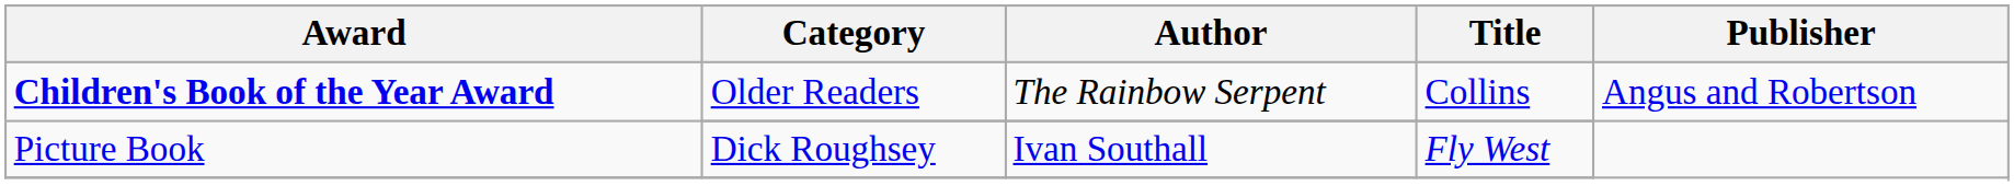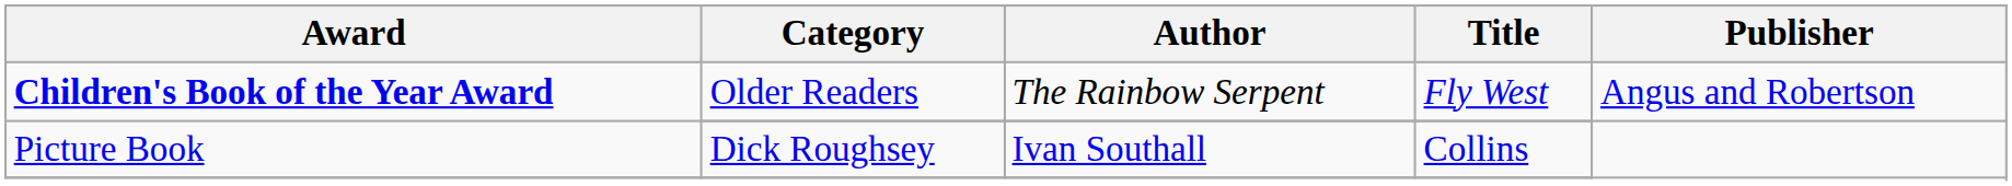 <table class="wikitable" width=100%>
 <tr>
 <th>Award</th>
 <th>Category</th>
 <th>Author</th>
 <th>Title</th>
 <th>Publisher</th>
 </tr>
 <tr>
 <td rowspan=2><strong><a href='#'>Children's Book of the Year Award</a></strong></td>
 <td><a href='#'>Older Readers</a></td>
 <td><em>The Rainbow Serpent</em></td>
-<td><a href='#'>Collins</a></td>
+<td><em><a href='#'>Fly West</a></em></td>
 <td><a href='#'>Angus and Robertson</a></td>
 </tr>
 <tr>
 </tr>
 <tr>
 <td><a href='#'>Picture Book</a></td>
 <td><a href='#'>Dick Roughsey</a></td>
 <td><a href='#'>Ivan Southall</a></td>
-<td><em><a href='#'>Fly West</a></em></td>
+<td><a href='#'>Collins</a></td>
 </tr>
 <tr>
 </tr>
 </table>
